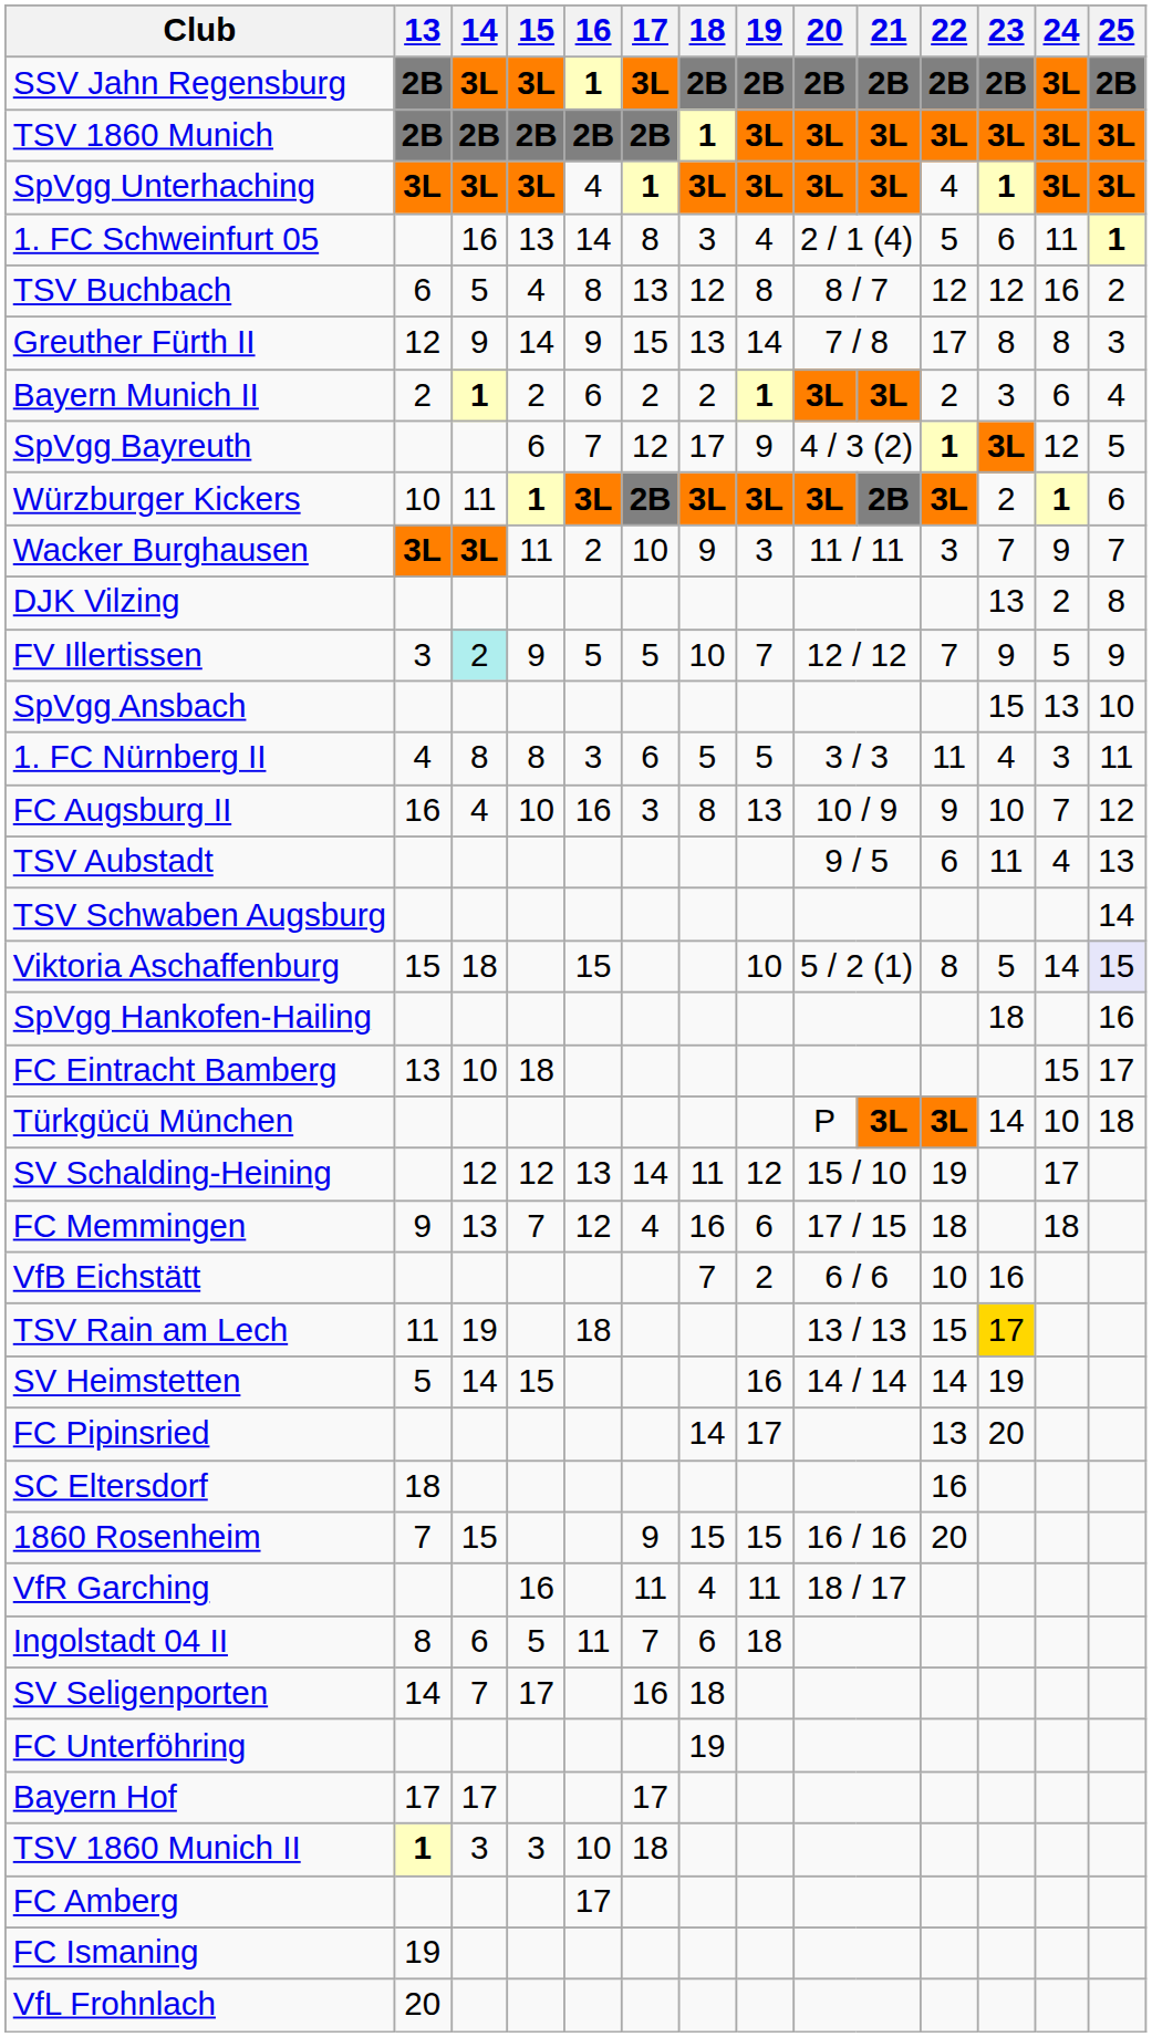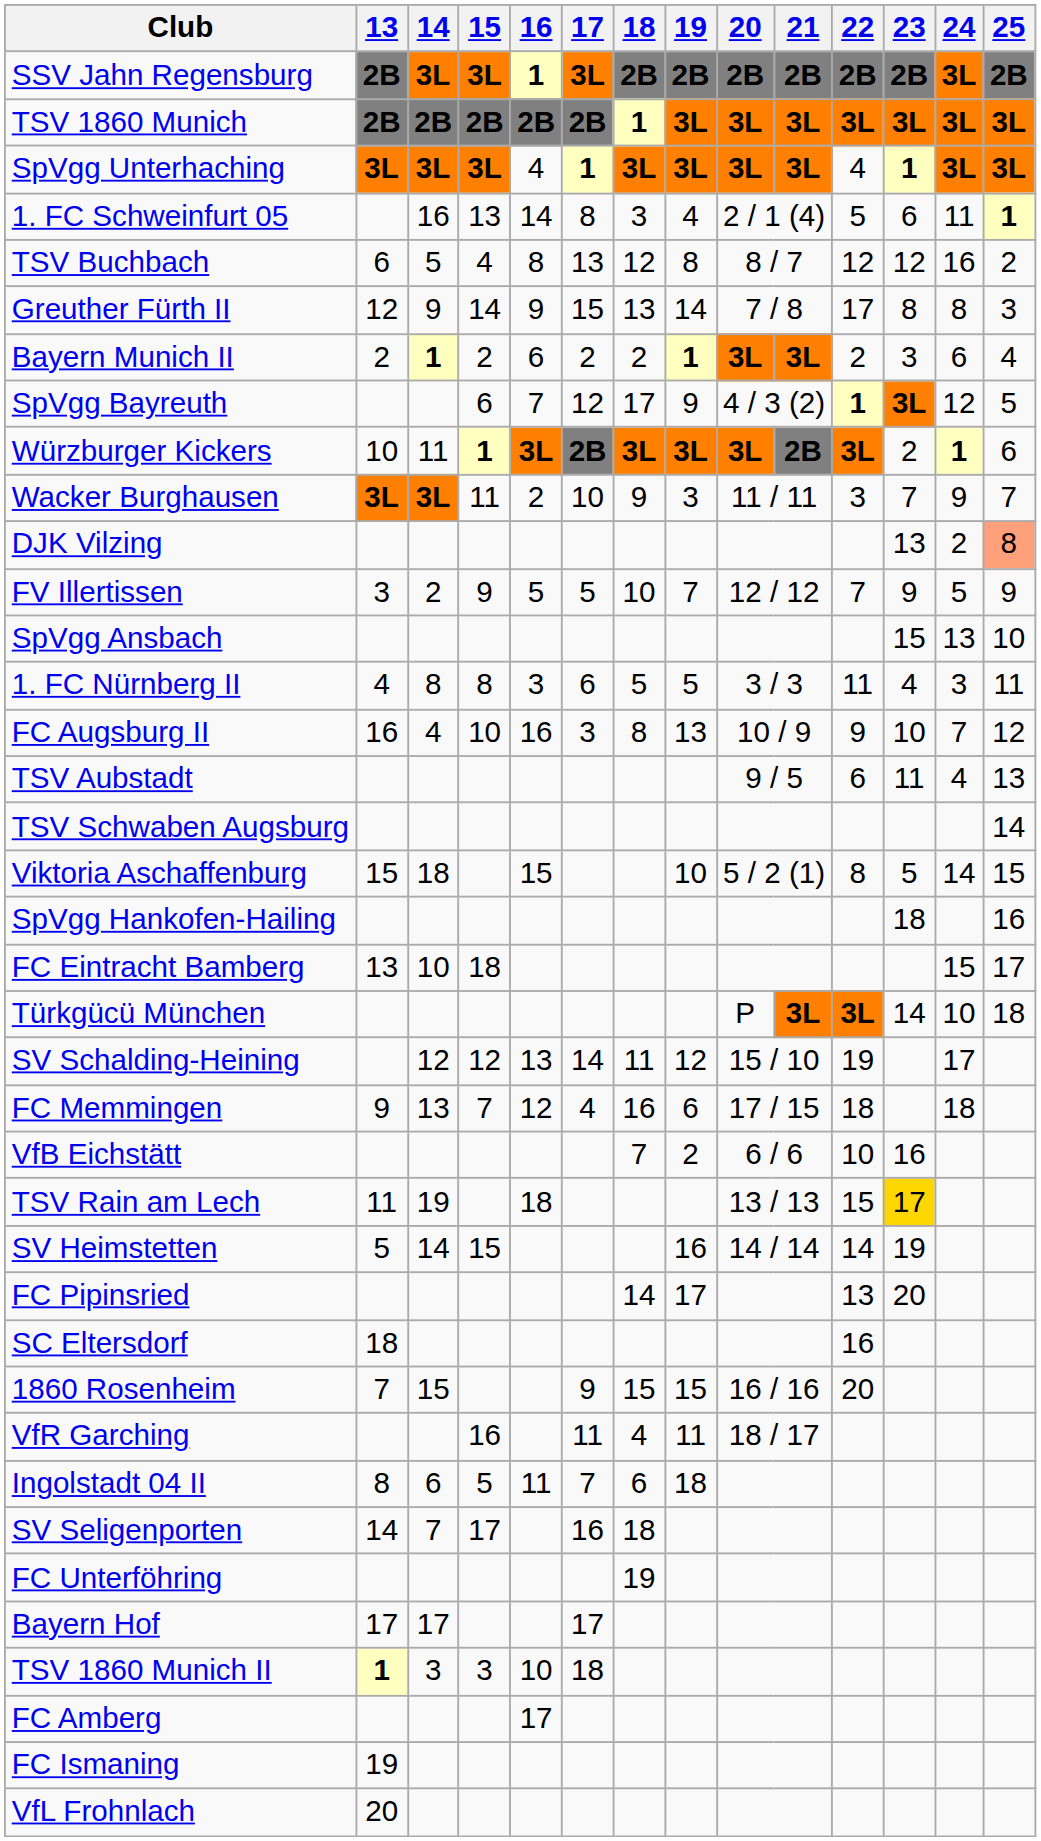 <table class="wikitable" style="text-align: center;">
 <tr>
 <th>Club</th>
 <th><a href='#'>13</a></th>
 <th><a href='#'>14</a></th>
 <th><a href='#'>15</a></th>
 <th><a href='#'>16</a></th>
 <th><a href='#'>17</a></th>
 <th><a href='#'>18</a></th>
 <th><a href='#'>19</a></th>
 <th><a href='#'>20</a></th>
 <th><a href='#'>21</a></th>
 <th><a href='#'>22</a></th>
 <th><a href='#'>23</a></th>
 <th><a href='#'>24</a></th>
 <th><a href='#'>25</a></th>
 </tr>
 <tr align="center">
 <td align="left"><a href='#'>SSV Jahn Regensburg</a></td>
 <td style="background:#808080"><strong>2B</strong></td>
 <td style="background:#FF7F00"><strong>3L</strong></td>
 <td style="background:#FF7F00"><strong>3L</strong></td>
 <td style="background:#ffffbf"><strong>1</strong></td>
 <td style="background:#FF7F00"><strong>3L</strong></td>
 <td style="background:#808080"><strong>2B</strong></td>
 <td style="background:#808080"><strong>2B</strong></td>
 <td style="background:#808080"><strong>2B</strong></td>
 <td style="background:#808080"><strong>2B</strong></td>
 <td style="background:#808080"><strong>2B</strong></td>
 <td style="background:#808080"><strong>2B</strong></td>
 <td style="background:#FF7F00"><strong>3L</strong></td>
 <td style="background:#808080"><strong>2B</strong></td>
 </tr>
 <tr align="center">
 <td align="left"><a href='#'>TSV 1860 Munich</a></td>
 <td style="background:#808080"><strong>2B</strong></td>
 <td style="background:#808080"><strong>2B</strong></td>
 <td style="background:#808080"><strong>2B</strong></td>
 <td style="background:#808080"><strong>2B</strong></td>
 <td style="background:#808080"><strong>2B</strong></td>
 <td style="background:#ffffbf"><strong>1</strong></td>
 <td style="background:#FF7F00"><strong>3L</strong></td>
 <td style="background:#FF7F00"><strong>3L</strong></td>
 <td style="background:#FF7F00"><strong>3L</strong></td>
 <td style="background:#FF7F00"><strong>3L</strong></td>
 <td style="background:#FF7F00"><strong>3L</strong></td>
 <td style="background:#FF7F00"><strong>3L</strong></td>
 <td style="background:#FF7F00"><strong>3L</strong></td>
 </tr>
 <tr align="center">
 <td align="left"><a href='#'>SpVgg Unterhaching</a></td>
 <td style="background:#FF7F00"><strong>3L</strong></td>
 <td style="background:#FF7F00"><strong>3L</strong></td>
 <td style="background:#FF7F00"><strong>3L</strong></td>
 <td>4</td>
 <td style="background:#ffffbf"><strong>1</strong></td>
 <td style="background:#FF7F00"><strong>3L</strong></td>
 <td style="background:#FF7F00"><strong>3L</strong></td>
 <td style="background:#FF7F00"><strong>3L</strong></td>
 <td style="background:#FF7F00"><strong>3L</strong></td>
 <td>4</td>
 <td style="background:#ffffbf"><strong>1</strong></td>
 <td style="background:#FF7F00"><strong>3L</strong></td>
 <td style="background:#FF7F00"><strong>3L</strong></td>
 </tr>
 <tr align="center">
 <td align="left"><a href='#'>1. FC Schweinfurt 05</a></td>
 <td></td>
 <td>16</td>
 <td>13</td>
 <td>14</td>
 <td>8</td>
 <td>3</td>
 <td>4</td>
 <td colspan=2>2 / 1 (4)</td>
 <td>5</td>
 <td>6</td>
 <td>11</td>
 <td style="background:#ffffbf"><strong>1</strong></td>
 </tr>
 <tr align="center">
 <td align="left"><a href='#'>TSV Buchbach</a></td>
 <td>6</td>
 <td>5</td>
 <td>4</td>
 <td>8</td>
 <td>13</td>
 <td>12</td>
 <td>8</td>
 <td colspan=2>8 / 7</td>
 <td>12</td>
 <td>12</td>
 <td>16</td>
 <td>2</td>
 </tr>
 <tr align="center">
 <td align="left"><a href='#'>Greuther Fürth II</a></td>
 <td>12</td>
 <td>9</td>
 <td>14</td>
 <td>9</td>
 <td>15</td>
 <td>13</td>
 <td>14</td>
 <td colspan=2>7 / 8</td>
 <td>17</td>
 <td>8</td>
 <td>8</td>
 <td>3</td>
 </tr>
 <tr align="center">
 <td align="left"><a href='#'>Bayern Munich II</a></td>
 <td>2</td>
 <td style="background:#ffffbf"><strong>1</strong></td>
 <td>2</td>
 <td>6</td>
 <td>2</td>
 <td>2</td>
 <td style="background:#ffffbf"><strong>1</strong></td>
 <td style="background:#FF7F00"><strong>3L</strong></td>
 <td style="background:#FF7F00"><strong>3L</strong></td>
 <td>2</td>
 <td>3</td>
 <td>6</td>
 <td>4</td>
 </tr>
 <tr align="center">
 <td align="left"><a href='#'>SpVgg Bayreuth</a></td>
 <td></td>
 <td></td>
 <td>6</td>
 <td>7</td>
 <td>12</td>
 <td>17</td>
 <td>9</td>
 <td colspan=2>4 / 3 (2)</td>
 <td style="background:#ffffbf"><strong>1</strong></td>
 <td style="background:#FF7F00"><strong>3L</strong></td>
 <td>12</td>
 <td>5</td>
 </tr>
 <tr align="center">
 <td align="left"><a href='#'>Würzburger Kickers</a></td>
 <td>10</td>
 <td>11</td>
 <td style="background:#ffffbf"><strong>1</strong></td>
 <td style="background:#FF7F00"><strong>3L</strong></td>
 <td style="background:#808080"><strong>2B</strong></td>
 <td style="background:#FF7F00"><strong>3L</strong></td>
 <td style="background:#FF7F00"><strong>3L</strong></td>
 <td style="background:#FF7F00"><strong>3L</strong></td>
 <td style="background:#808080"><strong>2B</strong></td>
 <td style="background:#FF7F00"><strong>3L</strong></td>
 <td>2</td>
 <td style="background:#ffffbf"><strong>1</strong></td>
 <td>6</td>
 </tr>
 <tr align="center">
 <td align="left"><a href='#'>Wacker Burghausen</a></td>
 <td style="background:#FF7F00"><strong>3L</strong></td>
 <td style="background:#FF7F00"><strong>3L</strong></td>
 <td>11</td>
 <td>2</td>
 <td>10</td>
 <td>9</td>
 <td>3</td>
 <td colspan=2>11 / 11</td>
 <td>3</td>
 <td>7</td>
 <td>9</td>
 <td>7</td>
 </tr>
 <tr align="center">
 <td align="left"><a href='#'>DJK Vilzing</a></td>
 <td></td>
 <td></td>
 <td></td>
 <td></td>
 <td></td>
 <td></td>
 <td></td>
 <td colspan=2></td>
 <td></td>
 <td>13</td>
 <td>2</td>
-<td>8</td>
+<td style="background: lightsalmon;">8</td>
 </tr>
 <tr align="center">
 <td align="left"><a href='#'>FV Illertissen</a></td>
 <td>3</td>
-<td style="background: paleturquoise;">2</td>
+<td>2</td>
 <td>9</td>
 <td>5</td>
 <td>5</td>
 <td>10</td>
 <td>7</td>
 <td colspan=2>12 / 12</td>
 <td>7</td>
 <td>9</td>
 <td>5</td>
 <td>9</td>
 </tr>
 <tr align="center">
 <td align="left"><a href='#'>SpVgg Ansbach</a></td>
 <td></td>
 <td></td>
 <td></td>
 <td></td>
 <td></td>
 <td></td>
 <td></td>
 <td colspan=2></td>
 <td></td>
 <td>15</td>
 <td>13</td>
 <td>10</td>
 </tr>
 <tr align="center">
 <td align="left"><a href='#'>1. FC Nürnberg II</a></td>
 <td>4</td>
 <td>8</td>
 <td>8</td>
 <td>3</td>
 <td>6</td>
 <td>5</td>
 <td>5</td>
 <td colspan=2>3 / 3</td>
 <td>11</td>
 <td>4</td>
 <td>3</td>
 <td>11</td>
 </tr>
 <tr align="center">
 <td align="left"><a href='#'>FC Augsburg II</a></td>
 <td>16</td>
 <td>4</td>
 <td>10</td>
 <td>16</td>
 <td>3</td>
 <td>8</td>
 <td>13</td>
 <td colspan=2>10 / 9</td>
 <td>9</td>
 <td>10</td>
 <td>7</td>
 <td>12</td>
 </tr>
 <tr align="center">
 <td align="left"><a href='#'>TSV Aubstadt</a></td>
 <td></td>
 <td></td>
 <td></td>
 <td></td>
 <td></td>
 <td></td>
 <td></td>
 <td colspan=2>9 / 5</td>
 <td>6</td>
 <td>11</td>
 <td>4</td>
 <td>13</td>
 </tr>
 <tr align="center">
 <td align="left"><a href='#'>TSV Schwaben Augsburg</a></td>
 <td></td>
 <td></td>
 <td></td>
 <td></td>
 <td></td>
 <td></td>
 <td></td>
 <td colspan=2></td>
 <td></td>
 <td></td>
 <td></td>
 <td>14</td>
 </tr>
 <tr align="center">
 <td align="left"><a href='#'>Viktoria Aschaffenburg</a></td>
 <td>15</td>
 <td>18</td>
 <td></td>
 <td>15</td>
 <td></td>
 <td></td>
 <td>10</td>
 <td colspan=2>5 / 2 (1)</td>
 <td>8</td>
 <td>5</td>
 <td>14</td>
-<td style="background: lavender;">15</td>
+<td>15</td>
 </tr>
 <tr align="center">
 <td align="left"><a href='#'>SpVgg Hankofen-Hailing</a></td>
 <td></td>
 <td></td>
 <td></td>
 <td></td>
 <td></td>
 <td></td>
 <td></td>
 <td colspan=2></td>
 <td></td>
 <td>18</td>
 <td></td>
 <td>16</td>
 </tr>
 <tr align="center">
 <td align="left"><a href='#'>FC Eintracht Bamberg</a></td>
 <td>13</td>
 <td>10</td>
 <td>18</td>
 <td></td>
 <td></td>
 <td></td>
 <td></td>
 <td colspan=2></td>
 <td></td>
 <td></td>
 <td>15</td>
 <td>17</td>
 </tr>
 <tr align="center">
 <td align="left"><a href='#'>Türkgücü München</a></td>
 <td></td>
 <td></td>
 <td></td>
 <td></td>
 <td></td>
 <td></td>
 <td></td>
 <td>P</td>
 <td style="background:#FF7F00"><strong>3L</strong></td>
 <td style="background:#FF7F00"><strong>3L</strong></td>
 <td>14</td>
 <td>10</td>
 <td>18</td>
 </tr>
 <tr align="center">
 <td align="left"><a href='#'>SV Schalding-Heining</a></td>
 <td></td>
 <td>12</td>
 <td>12</td>
 <td>13</td>
 <td>14</td>
 <td>11</td>
 <td>12</td>
 <td colspan=2>15 / 10</td>
 <td>19</td>
 <td></td>
 <td>17</td>
 <td></td>
 </tr>
 <tr align="center">
 <td align="left"><a href='#'>FC Memmingen</a></td>
 <td>9</td>
 <td>13</td>
 <td>7</td>
 <td>12</td>
 <td>4</td>
 <td>16</td>
 <td>6</td>
 <td colspan=2>17 / 15</td>
 <td>18</td>
 <td></td>
 <td>18</td>
 <td></td>
 </tr>
 <tr align="center">
 <td align="left"><a href='#'>VfB Eichstätt</a></td>
 <td></td>
 <td></td>
 <td></td>
 <td></td>
 <td></td>
 <td>7</td>
 <td>2</td>
 <td colspan=2>6 / 6</td>
 <td>10</td>
 <td>16</td>
 <td></td>
 <td></td>
 </tr>
 <tr align="center">
 <td align="left"><a href='#'>TSV Rain am Lech</a></td>
 <td>11</td>
 <td>19</td>
 <td></td>
 <td>18</td>
 <td></td>
 <td></td>
 <td></td>
 <td colspan=2>13 / 13</td>
 <td>15</td>
 <td style="background: gold;">17</td>
 <td></td>
 <td></td>
 </tr>
 <tr align="center">
 <td align="left"><a href='#'>SV Heimstetten</a></td>
 <td>5</td>
 <td>14</td>
 <td>15</td>
 <td></td>
 <td></td>
 <td></td>
 <td>16</td>
 <td colspan=2>14 / 14</td>
 <td>14</td>
 <td>19</td>
 <td></td>
 <td></td>
 </tr>
 <tr align="center">
 <td align="left"><a href='#'>FC Pipinsried</a></td>
 <td></td>
 <td></td>
 <td></td>
 <td></td>
 <td></td>
 <td>14</td>
 <td>17</td>
 <td colspan=2></td>
 <td>13</td>
 <td>20</td>
 <td></td>
 <td></td>
 </tr>
 <tr align="center">
 <td align="left"><a href='#'>SC Eltersdorf</a></td>
 <td>18</td>
 <td></td>
 <td></td>
 <td></td>
 <td></td>
 <td></td>
 <td></td>
 <td colspan=2></td>
 <td>16</td>
 <td></td>
 <td></td>
 <td></td>
 </tr>
 <tr align="center">
 <td align="left"><a href='#'>1860 Rosenheim</a></td>
 <td>7</td>
 <td>15</td>
 <td></td>
 <td></td>
 <td>9</td>
 <td>15</td>
 <td>15</td>
 <td colspan=2>16 / 16</td>
 <td>20</td>
 <td></td>
 <td></td>
 <td></td>
 </tr>
 <tr align="center">
 <td align="left"><a href='#'>VfR Garching</a></td>
 <td></td>
 <td></td>
 <td>16</td>
 <td></td>
 <td>11</td>
 <td>4</td>
 <td>11</td>
 <td colspan=2>18 / 17</td>
 <td></td>
 <td></td>
 <td></td>
 <td></td>
 </tr>
 <tr align="center">
 <td align="left"><a href='#'>Ingolstadt 04 II</a></td>
 <td>8</td>
 <td>6</td>
 <td>5</td>
 <td>11</td>
 <td>7</td>
 <td>6</td>
 <td>18</td>
 <td colspan=2></td>
 <td></td>
 <td></td>
 <td></td>
 <td></td>
 </tr>
 <tr align="center">
 <td align="left"><a href='#'>SV Seligenporten</a></td>
 <td>14</td>
 <td>7</td>
 <td>17</td>
 <td></td>
 <td>16</td>
 <td>18</td>
 <td></td>
 <td colspan=2></td>
 <td></td>
 <td></td>
 <td></td>
 </tr>
 <tr align="center">
 <td align="left"><a href='#'>FC Unterföhring</a></td>
 <td></td>
 <td></td>
 <td></td>
 <td></td>
 <td></td>
 <td>19</td>
 <td></td>
 <td colspan=2></td>
 <td></td>
 <td></td>
 <td></td>
 <td></td>
 </tr>
 <tr align="center">
 <td align="left"><a href='#'>Bayern Hof</a></td>
 <td>17</td>
 <td>17</td>
 <td></td>
 <td></td>
 <td>17</td>
 <td></td>
 <td></td>
 <td colspan=2></td>
 <td></td>
 <td></td>
 <td></td>
 <td></td>
 </tr>
 <tr align="center">
 <td align="left"><a href='#'>TSV 1860 Munich II</a></td>
 <td style="background:#ffffbf"><strong>1</strong></td>
 <td>3</td>
 <td>3</td>
 <td>10</td>
 <td>18</td>
 <td></td>
 <td></td>
 <td colspan=2></td>
 <td></td>
 <td></td>
 <td></td>
 <td></td>
 </tr>
 <tr align="center">
 <td align="left"><a href='#'>FC Amberg</a></td>
 <td></td>
 <td></td>
 <td></td>
 <td>17</td>
 <td></td>
 <td></td>
 <td></td>
 <td colspan=2></td>
 <td></td>
 <td></td>
 <td></td>
 <td></td>
 </tr>
 <tr align="center">
 <td align="left"><a href='#'>FC Ismaning</a></td>
 <td>19</td>
 <td></td>
 <td></td>
 <td></td>
 <td></td>
 <td></td>
 <td></td>
 <td colspan=2></td>
 <td></td>
 <td></td>
 <td></td>
 <td></td>
 </tr>
 <tr align="center">
 <td align="left"><a href='#'>VfL Frohnlach</a></td>
 <td>20</td>
 <td></td>
 <td></td>
 <td></td>
 <td></td>
 <td></td>
 <td></td>
 <td colspan=2></td>
 <td></td>
 <td></td>
 <td></td>
 <td></td>
 </tr>
 </table>
